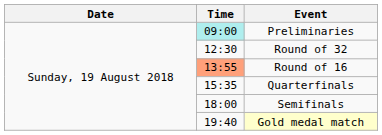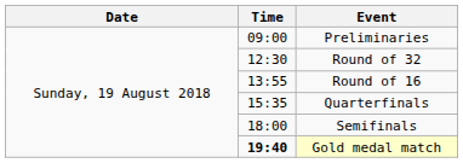 <table class = "wikitable" style="text-align:center;">
 <tr>
 <th width=220>Date</th>
 <th width=50>Time</th>
 <th width=150>Event</th>
 </tr>
 <tr>
 <td rowspan=6>Sunday, 19 August 2018</td>
-<td style="background: paleturquoise;">09:00</td>
+<td>09:00</td>
 <td>Preliminaries</td>
 </tr>
 <tr>
 <td>12:30</td>
 <td>Round of 32</td>
 </tr>
 <tr>
-<td style="background: lightsalmon;">13:55</td>
+<td>13:55</td>
 <td>Round of 16</td>
 </tr>
 <tr>
 <td>15:35</td>
 <td>Quarterfinals</td>
 </tr>
 <tr>
 <td>18:00</td>
 <td>Semifinals</td>
 </tr>
 <tr>
-<td>19:40</td>
+<td><strong>19:40</strong></td>
 <td bgcolor=ffffcc>Gold medal match</td>
 </tr>
 </table>
